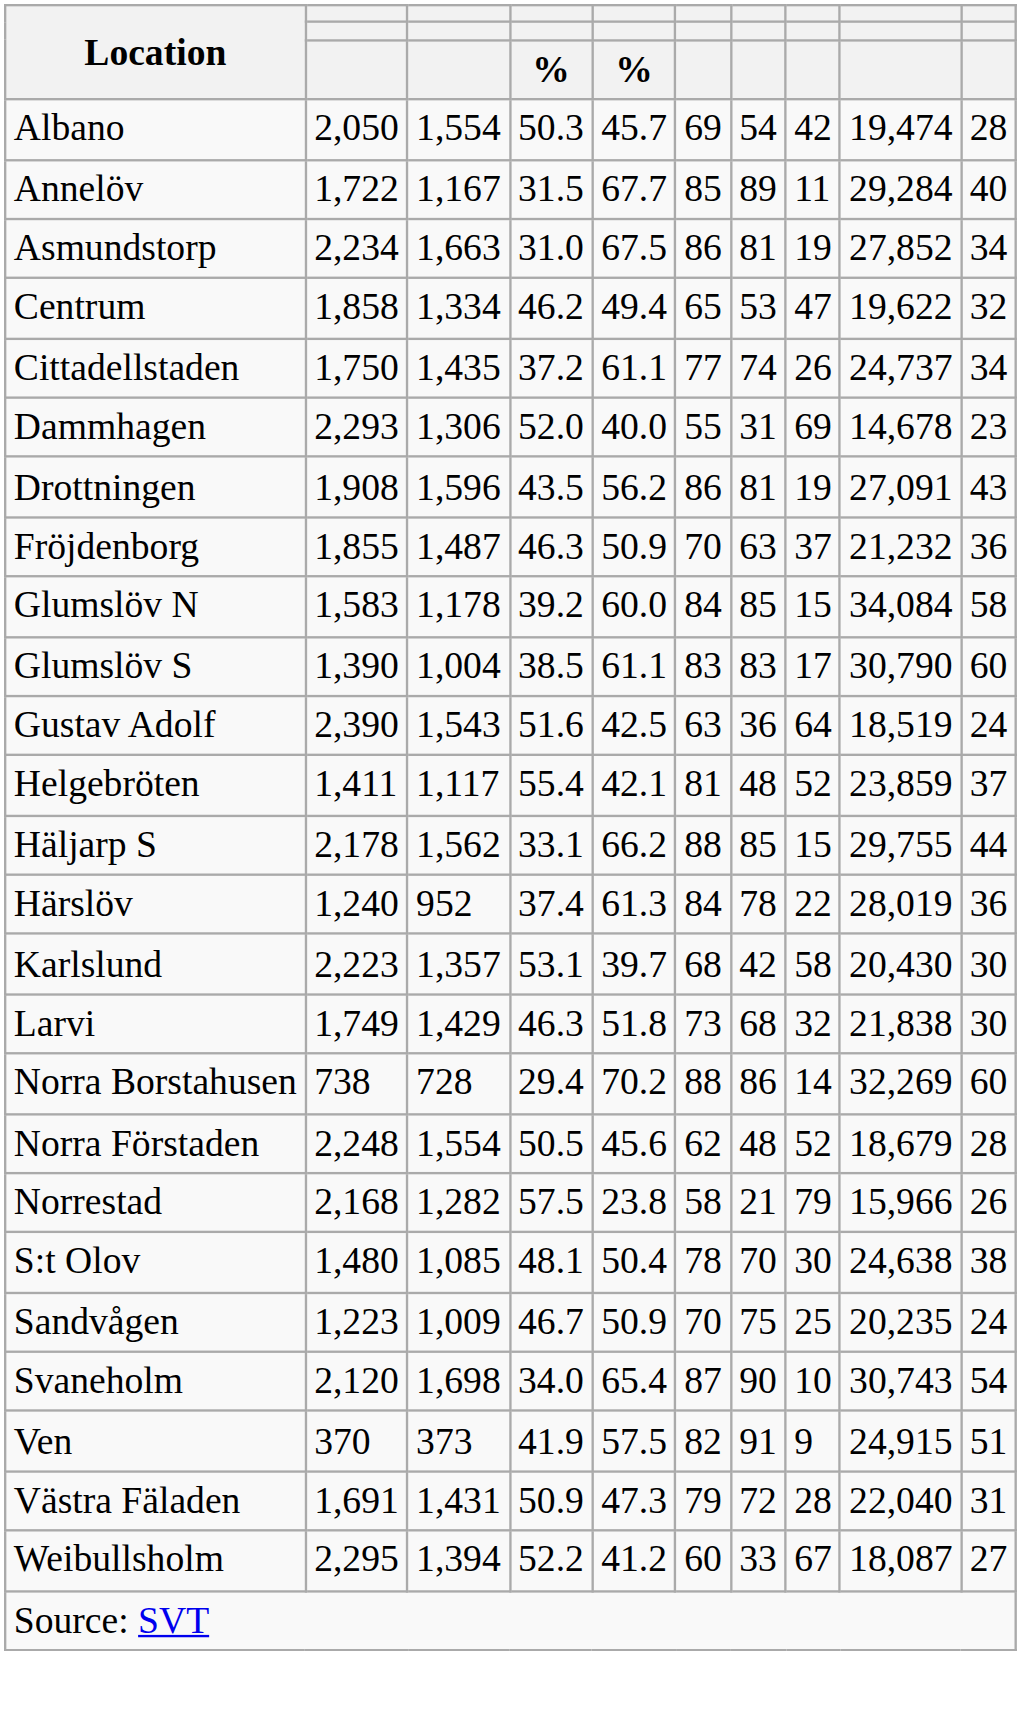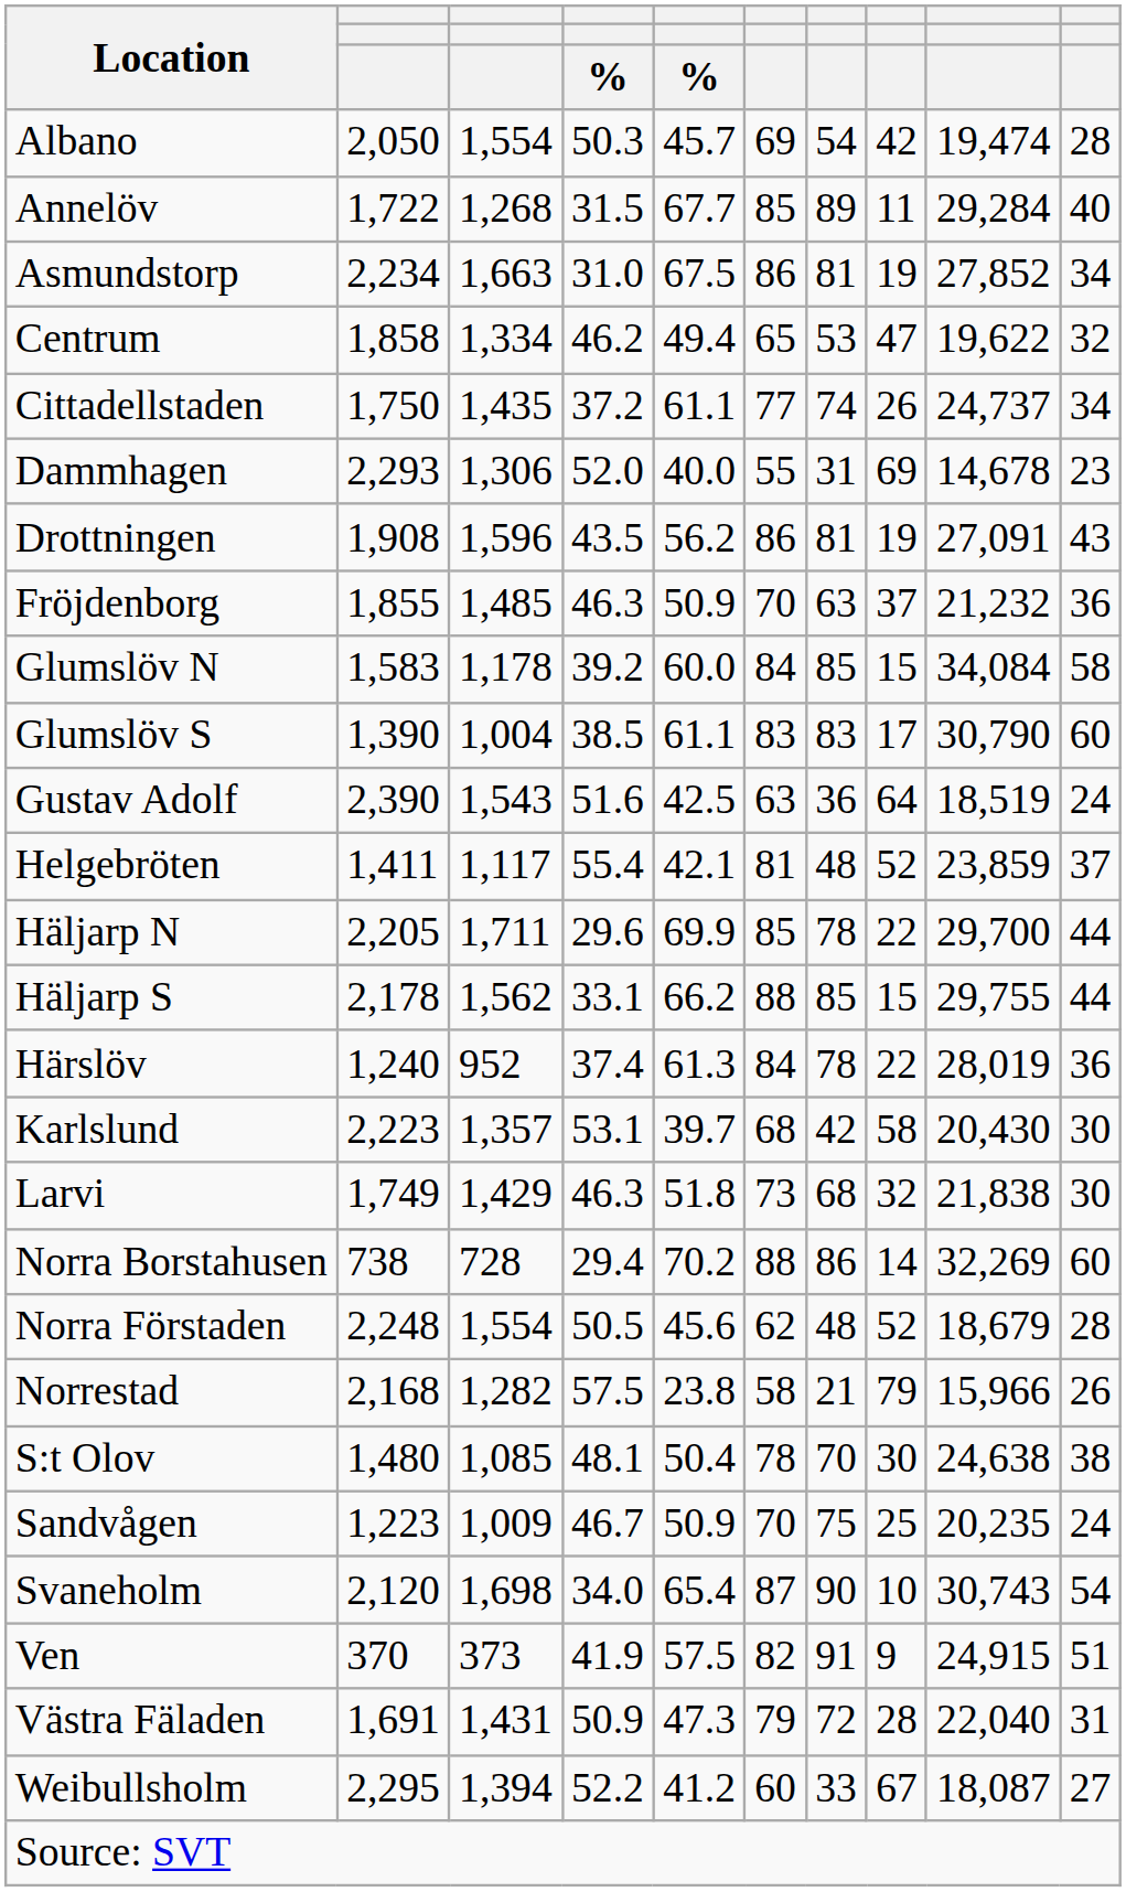 <table role="presentation" class="wikitable sortable mw-collapsible mw-collapsed">
 <tr>
 <th rowspan="3">Location</th>
 <th></th>
 <th></th>
 <th></th>
 <th></th>
 <th></th>
 <th></th>
 <th></th>
 <th></th>
 <th></th>
 </tr>
 <tr>
 <th></th>
 <th></th>
 <th style="background:"></th>
 <th style="background:"></th>
 <th></th>
 <th></th>
 <th></th>
 <th></th>
 <th></th>
 </tr>
 <tr>
 <th data-sort-type="number"></th>
 <th data-sort-type="number"></th>
 <th data-sort-type="number">%</th>
 <th data-sort-type="number">%</th>
 <th data-sort-type="number"></th>
 <th data-sort-type="number"></th>
 <th data-sort-type="number"></th>
 <th data-sort-type="number"></th>
 <th data-sort-type="number"></th>
 </tr>
 <tr>
 <td align="left">Albano</td>
 <td>2,050</td>
 <td>1,554</td>
 <td>50.3</td>
 <td>45.7</td>
 <td>69</td>
 <td>54</td>
 <td>42</td>
 <td>19,474</td>
 <td>28</td>
 </tr>
 <tr>
 <td align="left">Annelöv</td>
 <td>1,722</td>
-<td>1,167</td>
+<td>1,268</td>
 <td>31.5</td>
 <td>67.7</td>
 <td>85</td>
 <td>89</td>
 <td>11</td>
 <td>29,284</td>
 <td>40</td>
 </tr>
 <tr>
 <td align="left">Asmundstorp</td>
 <td>2,234</td>
 <td>1,663</td>
 <td>31.0</td>
 <td>67.5</td>
 <td>86</td>
 <td>81</td>
 <td>19</td>
 <td>27,852</td>
 <td>34</td>
 </tr>
 <tr>
 <td align="left">Centrum</td>
 <td>1,858</td>
 <td>1,334</td>
 <td>46.2</td>
 <td>49.4</td>
 <td>65</td>
 <td>53</td>
 <td>47</td>
 <td>19,622</td>
 <td>32</td>
 </tr>
 <tr>
 <td align="left">Cittadellstaden</td>
 <td>1,750</td>
 <td>1,435</td>
 <td>37.2</td>
 <td>61.1</td>
 <td>77</td>
 <td>74</td>
 <td>26</td>
 <td>24,737</td>
 <td>34</td>
 </tr>
 <tr>
 <td align="left">Dammhagen</td>
 <td>2,293</td>
 <td>1,306</td>
 <td>52.0</td>
 <td>40.0</td>
 <td>55</td>
 <td>31</td>
 <td>69</td>
 <td>14,678</td>
 <td>23</td>
 </tr>
 <tr>
 <td align="left">Drottningen</td>
 <td>1,908</td>
 <td>1,596</td>
 <td>43.5</td>
 <td>56.2</td>
 <td>86</td>
 <td>81</td>
 <td>19</td>
 <td>27,091</td>
 <td>43</td>
 </tr>
 <tr>
 <td align="left">Fröjdenborg</td>
 <td>1,855</td>
-<td>1,487</td>
+<td>1,485</td>
 <td>46.3</td>
 <td>50.9</td>
 <td>70</td>
 <td>63</td>
 <td>37</td>
 <td>21,232</td>
 <td>36</td>
 </tr>
 <tr>
 <td align="left">Glumslöv N</td>
 <td>1,583</td>
 <td>1,178</td>
 <td>39.2</td>
 <td>60.0</td>
 <td>84</td>
 <td>85</td>
 <td>15</td>
 <td>34,084</td>
 <td>58</td>
 </tr>
 <tr>
 <td align="left">Glumslöv S</td>
 <td>1,390</td>
 <td>1,004</td>
 <td>38.5</td>
 <td>61.1</td>
 <td>83</td>
 <td>83</td>
 <td>17</td>
 <td>30,790</td>
 <td>60</td>
 </tr>
 <tr>
 <td align="left">Gustav Adolf</td>
 <td>2,390</td>
 <td>1,543</td>
 <td>51.6</td>
 <td>42.5</td>
 <td>63</td>
 <td>36</td>
 <td>64</td>
 <td>18,519</td>
 <td>24</td>
 </tr>
 <tr>
 <td align="left">Helgebröten</td>
 <td>1,411</td>
 <td>1,117</td>
 <td>55.4</td>
 <td>42.1</td>
 <td>81</td>
 <td>48</td>
 <td>52</td>
 <td>23,859</td>
 <td>37</td>
+</tr>
+<tr>
+<td align="left">Häljarp N</td>
+<td>2,205</td>
+<td>1,711</td>
+<td>29.6</td>
+<td>69.9</td>
+<td>85</td>
+<td>78</td>
+<td>22</td>
+<td>29,700</td>
+<td>44</td>
 </tr>
 <tr>
 <td align="left">Häljarp S</td>
 <td>2,178</td>
 <td>1,562</td>
 <td>33.1</td>
 <td>66.2</td>
 <td>88</td>
 <td>85</td>
 <td>15</td>
 <td>29,755</td>
 <td>44</td>
 </tr>
 <tr>
 <td align="left">Härslöv</td>
 <td>1,240</td>
 <td>952</td>
 <td>37.4</td>
 <td>61.3</td>
 <td>84</td>
 <td>78</td>
 <td>22</td>
 <td>28,019</td>
 <td>36</td>
 </tr>
 <tr>
 <td align="left">Karlslund</td>
 <td>2,223</td>
 <td>1,357</td>
 <td>53.1</td>
 <td>39.7</td>
 <td>68</td>
 <td>42</td>
 <td>58</td>
 <td>20,430</td>
 <td>30</td>
 </tr>
 <tr>
 <td align="left">Larvi</td>
 <td>1,749</td>
 <td>1,429</td>
 <td>46.3</td>
 <td>51.8</td>
 <td>73</td>
 <td>68</td>
 <td>32</td>
 <td>21,838</td>
 <td>30</td>
 </tr>
 <tr>
 <td align="left">Norra Borstahusen</td>
 <td>738</td>
 <td>728</td>
 <td>29.4</td>
 <td>70.2</td>
 <td>88</td>
 <td>86</td>
 <td>14</td>
 <td>32,269</td>
 <td>60</td>
 </tr>
 <tr>
 <td align="left">Norra Förstaden</td>
 <td>2,248</td>
 <td>1,554</td>
 <td>50.5</td>
 <td>45.6</td>
 <td>62</td>
 <td>48</td>
 <td>52</td>
 <td>18,679</td>
 <td>28</td>
 </tr>
 <tr>
 <td align="left">Norrestad</td>
 <td>2,168</td>
 <td>1,282</td>
 <td>57.5</td>
 <td>23.8</td>
 <td>58</td>
 <td>21</td>
 <td>79</td>
 <td>15,966</td>
 <td>26</td>
 </tr>
 <tr>
 <td align="left">S:t Olov</td>
 <td>1,480</td>
 <td>1,085</td>
 <td>48.1</td>
 <td>50.4</td>
 <td>78</td>
 <td>70</td>
 <td>30</td>
 <td>24,638</td>
 <td>38</td>
 </tr>
 <tr>
 <td align="left">Sandvågen</td>
 <td>1,223</td>
 <td>1,009</td>
 <td>46.7</td>
 <td>50.9</td>
 <td>70</td>
 <td>75</td>
 <td>25</td>
 <td>20,235</td>
 <td>24</td>
 </tr>
 <tr>
 <td align="left">Svaneholm</td>
 <td>2,120</td>
 <td>1,698</td>
 <td>34.0</td>
 <td>65.4</td>
 <td>87</td>
 <td>90</td>
 <td>10</td>
 <td>30,743</td>
 <td>54</td>
 </tr>
 <tr>
 <td align="left">Ven</td>
 <td>370</td>
 <td>373</td>
 <td>41.9</td>
 <td>57.5</td>
 <td>82</td>
 <td>91</td>
 <td>9</td>
 <td>24,915</td>
 <td>51</td>
 </tr>
 <tr>
 <td align="left">Västra Fäladen</td>
 <td>1,691</td>
 <td>1,431</td>
 <td>50.9</td>
 <td>47.3</td>
 <td>79</td>
 <td>72</td>
 <td>28</td>
 <td>22,040</td>
 <td>31</td>
 </tr>
 <tr>
 <td align="left">Weibullsholm</td>
 <td>2,295</td>
 <td>1,394</td>
 <td>52.2</td>
 <td>41.2</td>
 <td>60</td>
 <td>33</td>
 <td>67</td>
 <td>18,087</td>
 <td>27</td>
 </tr>
 <tr>
 <td colspan="10" align="left">Source: <a href='#'>SVT</a></td>
 </tr>
 </table>
